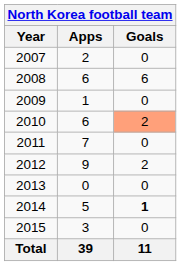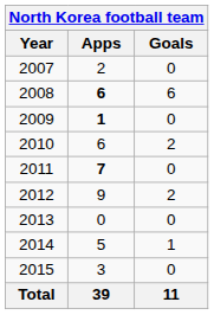 <table class="wikitable" style="text-align:center">
 <tr>
 <th colspan=3><a href='#'>North Korea football team</a></th>
 </tr>
 <tr>
 <th>Year</th>
 <th>Apps</th>
 <th>Goals</th>
 </tr>
 <tr>
 <td>2007</td>
 <td>2</td>
 <td>0</td>
 </tr>
 <tr>
 <td>2008</td>
-<td>6</td>
+<td><strong>6</strong></td>
 <td>6</td>
 </tr>
 <tr>
 <td>2009</td>
-<td>1</td>
+<td><strong>1</strong></td>
 <td>0</td>
 </tr>
 <tr>
 <td>2010</td>
 <td>6</td>
-<td style="background: lightsalmon;">2</td>
+<td>2</td>
 </tr>
 <tr>
 <td>2011</td>
-<td>7</td>
+<td><strong>7</strong></td>
 <td>0</td>
 </tr>
 <tr>
 <td>2012</td>
 <td>9</td>
 <td>2</td>
 </tr>
 <tr>
 <td>2013</td>
 <td>0</td>
 <td>0</td>
 </tr>
 <tr>
 <td>2014</td>
 <td>5</td>
-<td><strong>1</strong></td>
+<td>1</td>
 </tr>
 <tr>
 <td>2015</td>
 <td>3</td>
 <td>0</td>
 </tr>
 <tr>
 <th>Total</th>
 <th>39</th>
 <th>11</th>
 </tr>
 </table>
